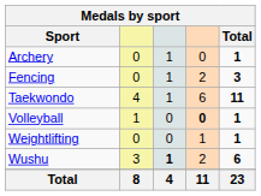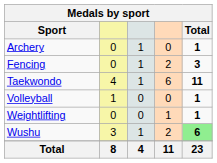 <table class="wikitable" style="font-size:90%; text-align:center;">
 <tr>
 <th colspan=5>Medals by sport</th>
 </tr>
 <tr>
 <th width=120>Sport</th>
 <th scope="col" width=30 style="background:#F7F6A8;"></th>
 <th scope="col" width=30 style="background:#DCE5E5;"></th>
 <th scope="col" width=30 style="background:#FFDAB9;"></th>
 <th width=30>Total</th>
 </tr>
 <tr>
 <td align=left><a href='#'>Archery</a></td>
 <td style="background:#F7F6A8;">0</td>
 <td style="background:#DCE5E5;">1</td>
 <td style="background:#FFDAB9;">0</td>
 <td><strong>1</strong></td>
 </tr>
 <tr>
 <td align=left><a href='#'>Fencing</a></td>
 <td style="background:#F7F6A8;">0</td>
 <td style="background:#DCE5E5;">1</td>
 <td style="background:#FFDAB9;">2</td>
 <td><strong>3</strong></td>
 </tr>
 <tr>
 <td align=left><a href='#'>Taekwondo</a></td>
 <td style="background:#F7F6A8;">4</td>
 <td style="background:#DCE5E5;">1</td>
 <td style="background:#FFDAB9;">6</td>
 <td><strong>11</strong></td>
 </tr>
 <tr>
 <td align=left><a href='#'>Volleyball</a></td>
 <td style="background:#F7F6A8;">1</td>
 <td style="background:#DCE5E5;">0</td>
-<td style="background:#FFDAB9;"><strong>0</strong></td>
+<td style="background:#FFDAB9;">0</td>
 <td><strong>1</strong></td>
 </tr>
 <tr>
 <td align=left><a href='#'>Weightlifting</a></td>
 <td style="background:#F7F6A8;">0</td>
 <td style="background:#DCE5E5;">0</td>
 <td style="background:#FFDAB9;">1</td>
 <td><strong>1</strong></td>
 </tr>
 <tr>
 <td align=left><a href='#'>Wushu</a></td>
 <td style="background:#F7F6A8;">3</td>
-<td style="background:#DCE5E5;"><strong>1</strong></td>
+<td style="background:#DCE5E5;">1</td>
 <td style="background:#FFDAB9;">2</td>
-<td><strong>6</strong></td>
+<td style="background: lightgreen;"><strong>6</strong></td>
 </tr>
 <tr>
 </tr>
 <tr class="sortbottom">
 <th>Total</th>
 <th>8</th>
 <th>4</th>
 <th>11</th>
 <th>23</th>
 </tr>
 </table>
